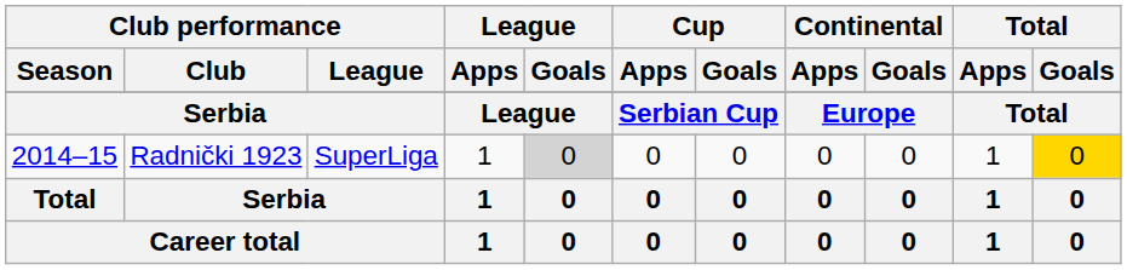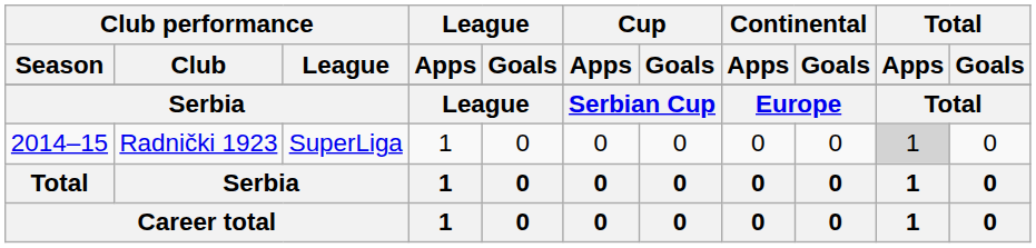 <table class="wikitable" style="text-align:center">
 <tr>
 <th colspan=3>Club performance</th>
 <th colspan=2>League</th>
 <th colspan=2>Cup</th>
 <th colspan=2>Continental</th>
 <th colspan=2>Total</th>
 </tr>
 <tr>
 <th>Season</th>
 <th>Club</th>
 <th>League</th>
 <th>Apps</th>
 <th>Goals</th>
 <th>Apps</th>
 <th>Goals</th>
 <th>Apps</th>
 <th>Goals</th>
 <th>Apps</th>
 <th>Goals</th>
 </tr>
 <tr>
 </tr>
 <tr>
 <th colspan=3>Serbia</th>
 <th colspan=2>League</th>
 <th colspan=2><a href='#'>Serbian Cup</a></th>
 <th colspan=2><a href='#'>Europe</a></th>
 <th colspan=2>Total</th>
 </tr>
 <tr>
 <td><a href='#'>2014–15</a></td>
 <td><a href='#'>Radnički 1923</a></td>
 <td><a href='#'>SuperLiga</a></td>
 <td>1</td>
-<td style="background: lightgrey;">0</td>
 <td>0</td>
 <td>0</td>
 <td>0</td>
 <td>0</td>
-<td>1</td>
-<td style="background: gold;">0</td>
+<td>0</td>
+<td style="background: lightgrey;">1</td>
+<td>0</td>
 </tr>
 <tr>
 <th rowspan=1>Total</th>
 <th colspan=2>Serbia</th>
 <th>1</th>
 <th>0</th>
 <th>0</th>
 <th>0</th>
 <th>0</th>
 <th>0</th>
 <th>1</th>
 <th>0</th>
 </tr>
 <tr>
 <th colspan=3>Career total</th>
 <th>1</th>
 <th>0</th>
 <th>0</th>
 <th>0</th>
 <th>0</th>
 <th>0</th>
 <th>1</th>
 <th>0</th>
 </tr>
 </table>
